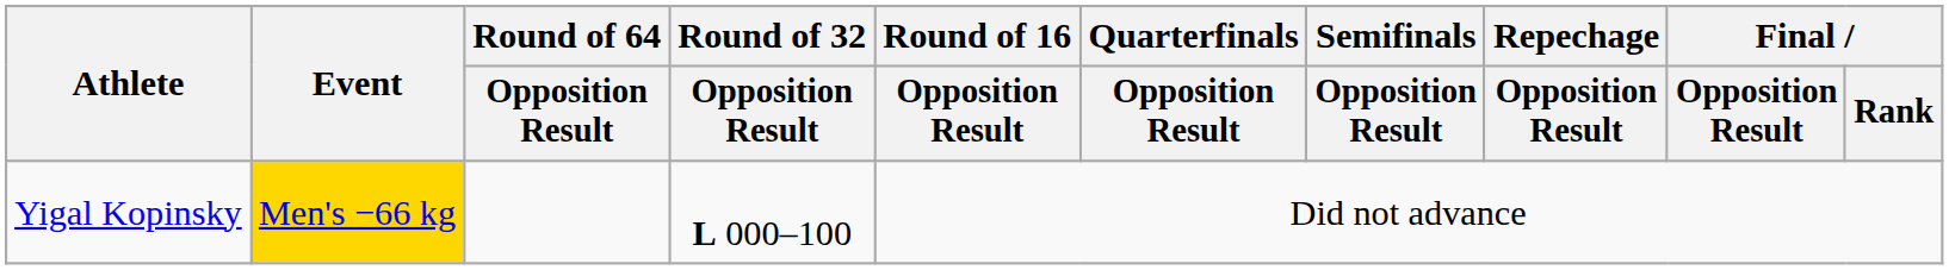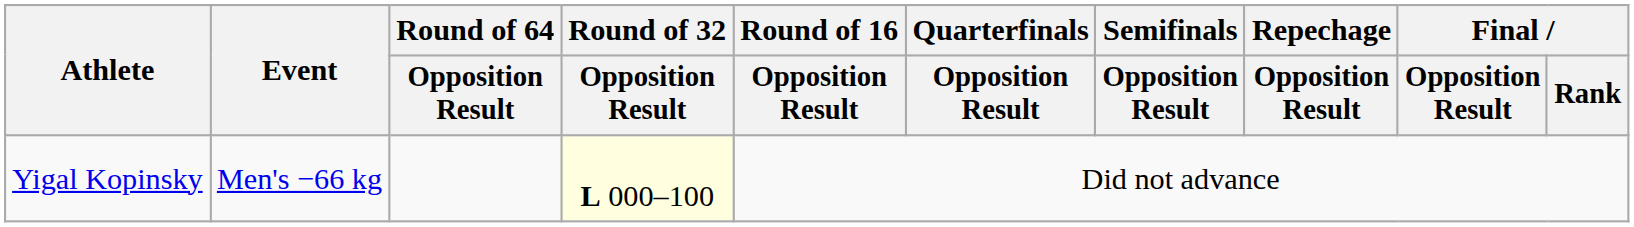 <table class="wikitable" style="font-size:90%">
 <tr>
 <th rowspan=2>Athlete</th>
 <th rowspan=2>Event</th>
 <th>Round of 64</th>
 <th>Round of 32</th>
 <th>Round of 16</th>
 <th>Quarterfinals</th>
 <th>Semifinals</th>
 <th>Repechage</th>
 <th colspan=2>Final / </th>
 </tr>
 <tr style="font-size:95%">
 <th>Opposition<br>Result</th>
 <th>Opposition<br>Result</th>
 <th>Opposition<br>Result</th>
 <th>Opposition<br>Result</th>
 <th>Opposition<br>Result</th>
 <th>Opposition<br>Result</th>
 <th>Opposition<br>Result</th>
 <th>Rank</th>
 </tr>
 <tr align=center>
 <td align=left><a href='#'>Yigal Kopinsky</a></td>
-<td align=left style="background: gold;"><a href='#'>Men's −66 kg</a></td>
+<td align=left><a href='#'>Men's −66 kg</a></td>
 <td></td>
-<td><br><strong>L</strong> 000–100</td>
+<td style="background: lightyellow;"><br><strong>L</strong> 000–100</td>
 <td colspan=6>Did not advance</td>
 </tr>
 </table>
